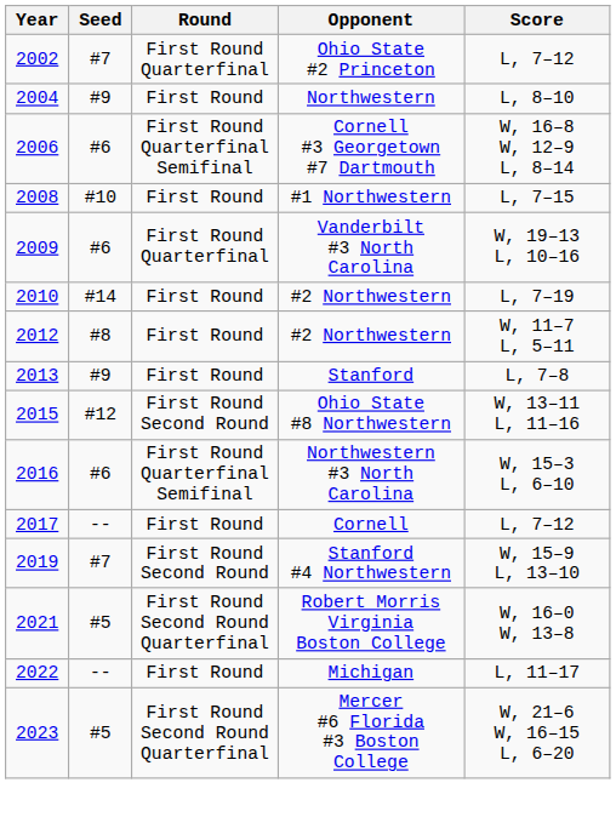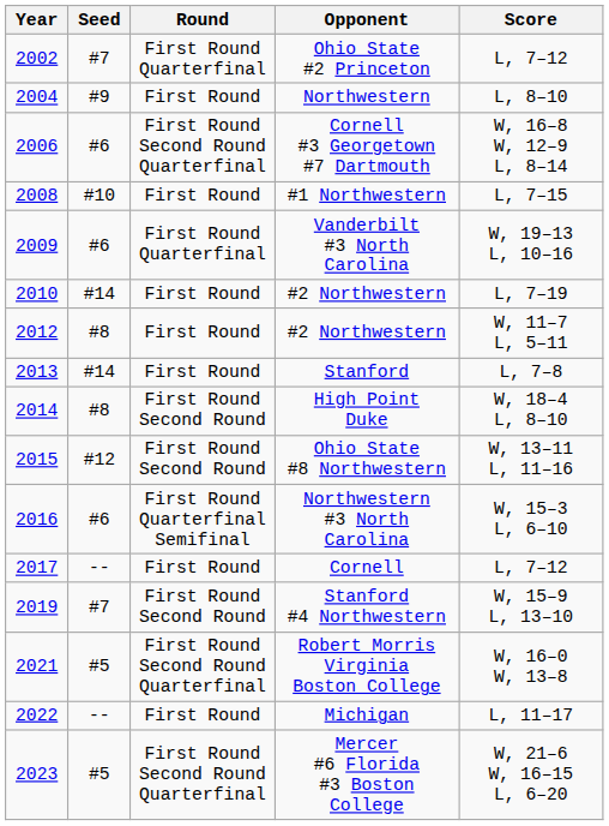 <table class="wikitable">
 <tr>
 <th style="width:40px; ">Year</th>
 <th style="width:40px; ">Seed</th>
 <th style="width:100px; ">Round</th>
 <th style="width:130px; ">Opponent</th>
 <th style="width:100px; ">Score</th>
 </tr>
 <tr align="center">
 <td><a href='#'>2002</a></td>
 <td>#7</td>
 <td>First Round<br>Quarterfinal</td>
 <td><a href='#'>Ohio State</a><br>#2 <a href='#'>Princeton</a></td>
 <td>L, 7–12</td>
 </tr>
 <tr align="center">
 <td><a href='#'>2004</a></td>
 <td>#9</td>
 <td>First Round</td>
 <td><a href='#'>Northwestern</a></td>
 <td>L, 8–10</td>
 </tr>
 <tr align="center">
 <td><a href='#'>2006</a></td>
 <td>#6</td>
-<td>First Round<br>Quarterfinal<br>Semifinal</td>
+<td>First Round<br>Second Round<br>Quarterfinal</td>
 <td><a href='#'>Cornell</a><br>#3 <a href='#'>Georgetown</a><br>#7 <a href='#'>Dartmouth</a></td>
 <td>W, 16–8<br>W, 12–9<br>L, 8–14</td>
 </tr>
 <tr align="center">
 <td><a href='#'>2008</a></td>
 <td>#10</td>
 <td>First Round</td>
 <td>#1 <a href='#'>Northwestern</a></td>
 <td>L, 7–15</td>
 </tr>
 <tr align="center">
 <td><a href='#'>2009</a></td>
 <td>#6</td>
 <td>First Round<br>Quarterfinal</td>
 <td><a href='#'>Vanderbilt</a><br>#3 <a href='#'>North Carolina</a></td>
 <td>W, 19–13<br>L, 10–16</td>
 </tr>
 <tr align="center">
 <td><a href='#'>2010</a></td>
 <td>#14</td>
 <td>First Round</td>
 <td>#2 <a href='#'>Northwestern</a></td>
 <td>L, 7–19</td>
 </tr>
 <tr align="center">
 <td><a href='#'>2012</a></td>
 <td>#8</td>
 <td>First Round</td>
 <td>#2 <a href='#'>Northwestern</a></td>
 <td>W, 11–7<br>L, 5–11</td>
 </tr>
 <tr align="center">
 <td><a href='#'>2013</a></td>
-<td>#9</td>
+<td>#14</td>
 <td>First Round</td>
 <td><a href='#'>Stanford</a></td>
 <td>L, 7–8</td>
+</tr>
+<tr align="center">
+<td><a href='#'>2014</a></td>
+<td>#8</td>
+<td>First Round<br>Second Round</td>
+<td><a href='#'>High Point</a><br><a href='#'>Duke</a></td>
+<td>W, 18–4<br>L, 8–10</td>
 </tr>
 <tr align="center">
 <td><a href='#'>2015</a></td>
 <td>#12</td>
 <td>First Round<br>Second Round</td>
 <td><a href='#'>Ohio State</a><br>#8 <a href='#'>Northwestern</a></td>
 <td>W, 13–11<br>L, 11–16</td>
 </tr>
 <tr align="center">
 <td><a href='#'>2016</a></td>
 <td>#6</td>
 <td>First Round<br>Quarterfinal<br>Semifinal</td>
 <td><a href='#'>Northwestern</a><br>#3 <a href='#'>North Carolina</a></td>
 <td>W, 15–3<br>L, 6–10</td>
 </tr>
 <tr align="center">
 <td><a href='#'>2017</a></td>
 <td>--</td>
 <td>First Round</td>
 <td><a href='#'>Cornell</a></td>
 <td>L, 7–12</td>
 </tr>
 <tr align="center">
 <td><a href='#'>2019</a></td>
 <td>#7</td>
 <td>First Round<br>Second Round</td>
 <td><a href='#'>Stanford</a><br>#4 <a href='#'>Northwestern</a></td>
 <td>W, 15–9<br>L, 13–10</td>
 </tr>
 <tr align="center">
 <td><a href='#'>2021</a></td>
 <td>#5</td>
 <td>First Round<br>Second Round<br>Quarterfinal</td>
 <td><a href='#'>Robert Morris</a><br><a href='#'>Virginia</a><br><a href='#'>Boston College</a></td>
 <td>W, 16–0<br>W, 13–8</td>
 </tr>
 <tr align="center">
 <td><a href='#'>2022</a></td>
 <td>--</td>
 <td>First Round</td>
 <td><a href='#'>Michigan</a></td>
 <td>L, 11–17</td>
 </tr>
 <tr align="center">
 <td><a href='#'>2023</a></td>
 <td>#5</td>
 <td>First Round<br>Second Round<br>Quarterfinal</td>
 <td><a href='#'>Mercer</a><br>#6 <a href='#'>Florida</a><br>#3 <a href='#'>Boston College</a></td>
 <td>W, 21–6<br>W, 16–15<br>L, 6–20</td>
 </tr>
 </table>
